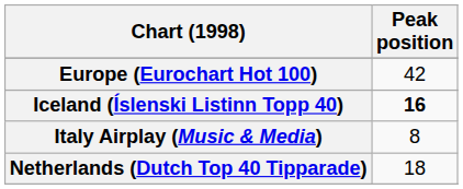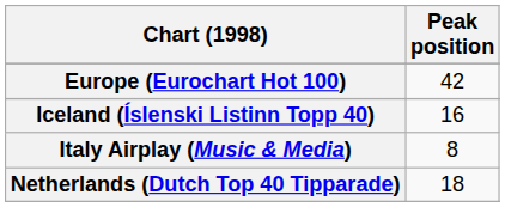 <table class="wikitable sortable plainrowheaders" style="text-align:center">
 <tr>
 <th scope="col">Chart (1998)</th>
 <th scope="col">Peak<br>position</th>
 </tr>
 <tr>
 </tr>
 <tr>
 </tr>
 <tr>
 </tr>
 <tr>
 </tr>
 <tr>
 <th scope="row">Europe (<a href='#'>Eurochart Hot 100</a>)</th>
 <td>42</td>
 </tr>
 <tr>
 </tr>
 <tr>
 <th scope="row">Iceland (<a href='#'>Íslenski Listinn Topp 40</a>)</th>
-<td><strong>16</strong></td>
+<td>16</td>
 </tr>
 <tr>
 <th scope="row">Italy Airplay (<em><a href='#'>Music & Media</a></em>)</th>
 <td>8</td>
 </tr>
 <tr>
 <th scope="row">Netherlands (<a href='#'>Dutch Top 40 Tipparade</a>)</th>
 <td>18</td>
 </tr>
 <tr>
 </tr>
 <tr>
 </tr>
 <tr>
 </tr>
 <tr>
 </tr>
 <tr>
 </tr>
 <tr>
 </tr>
 <tr>
 </tr>
 <tr>
 </tr>
 <tr>
 </tr>
 <tr>
 </tr>
 <tr>
 </tr>
 <tr>
 </tr>
 </table>
